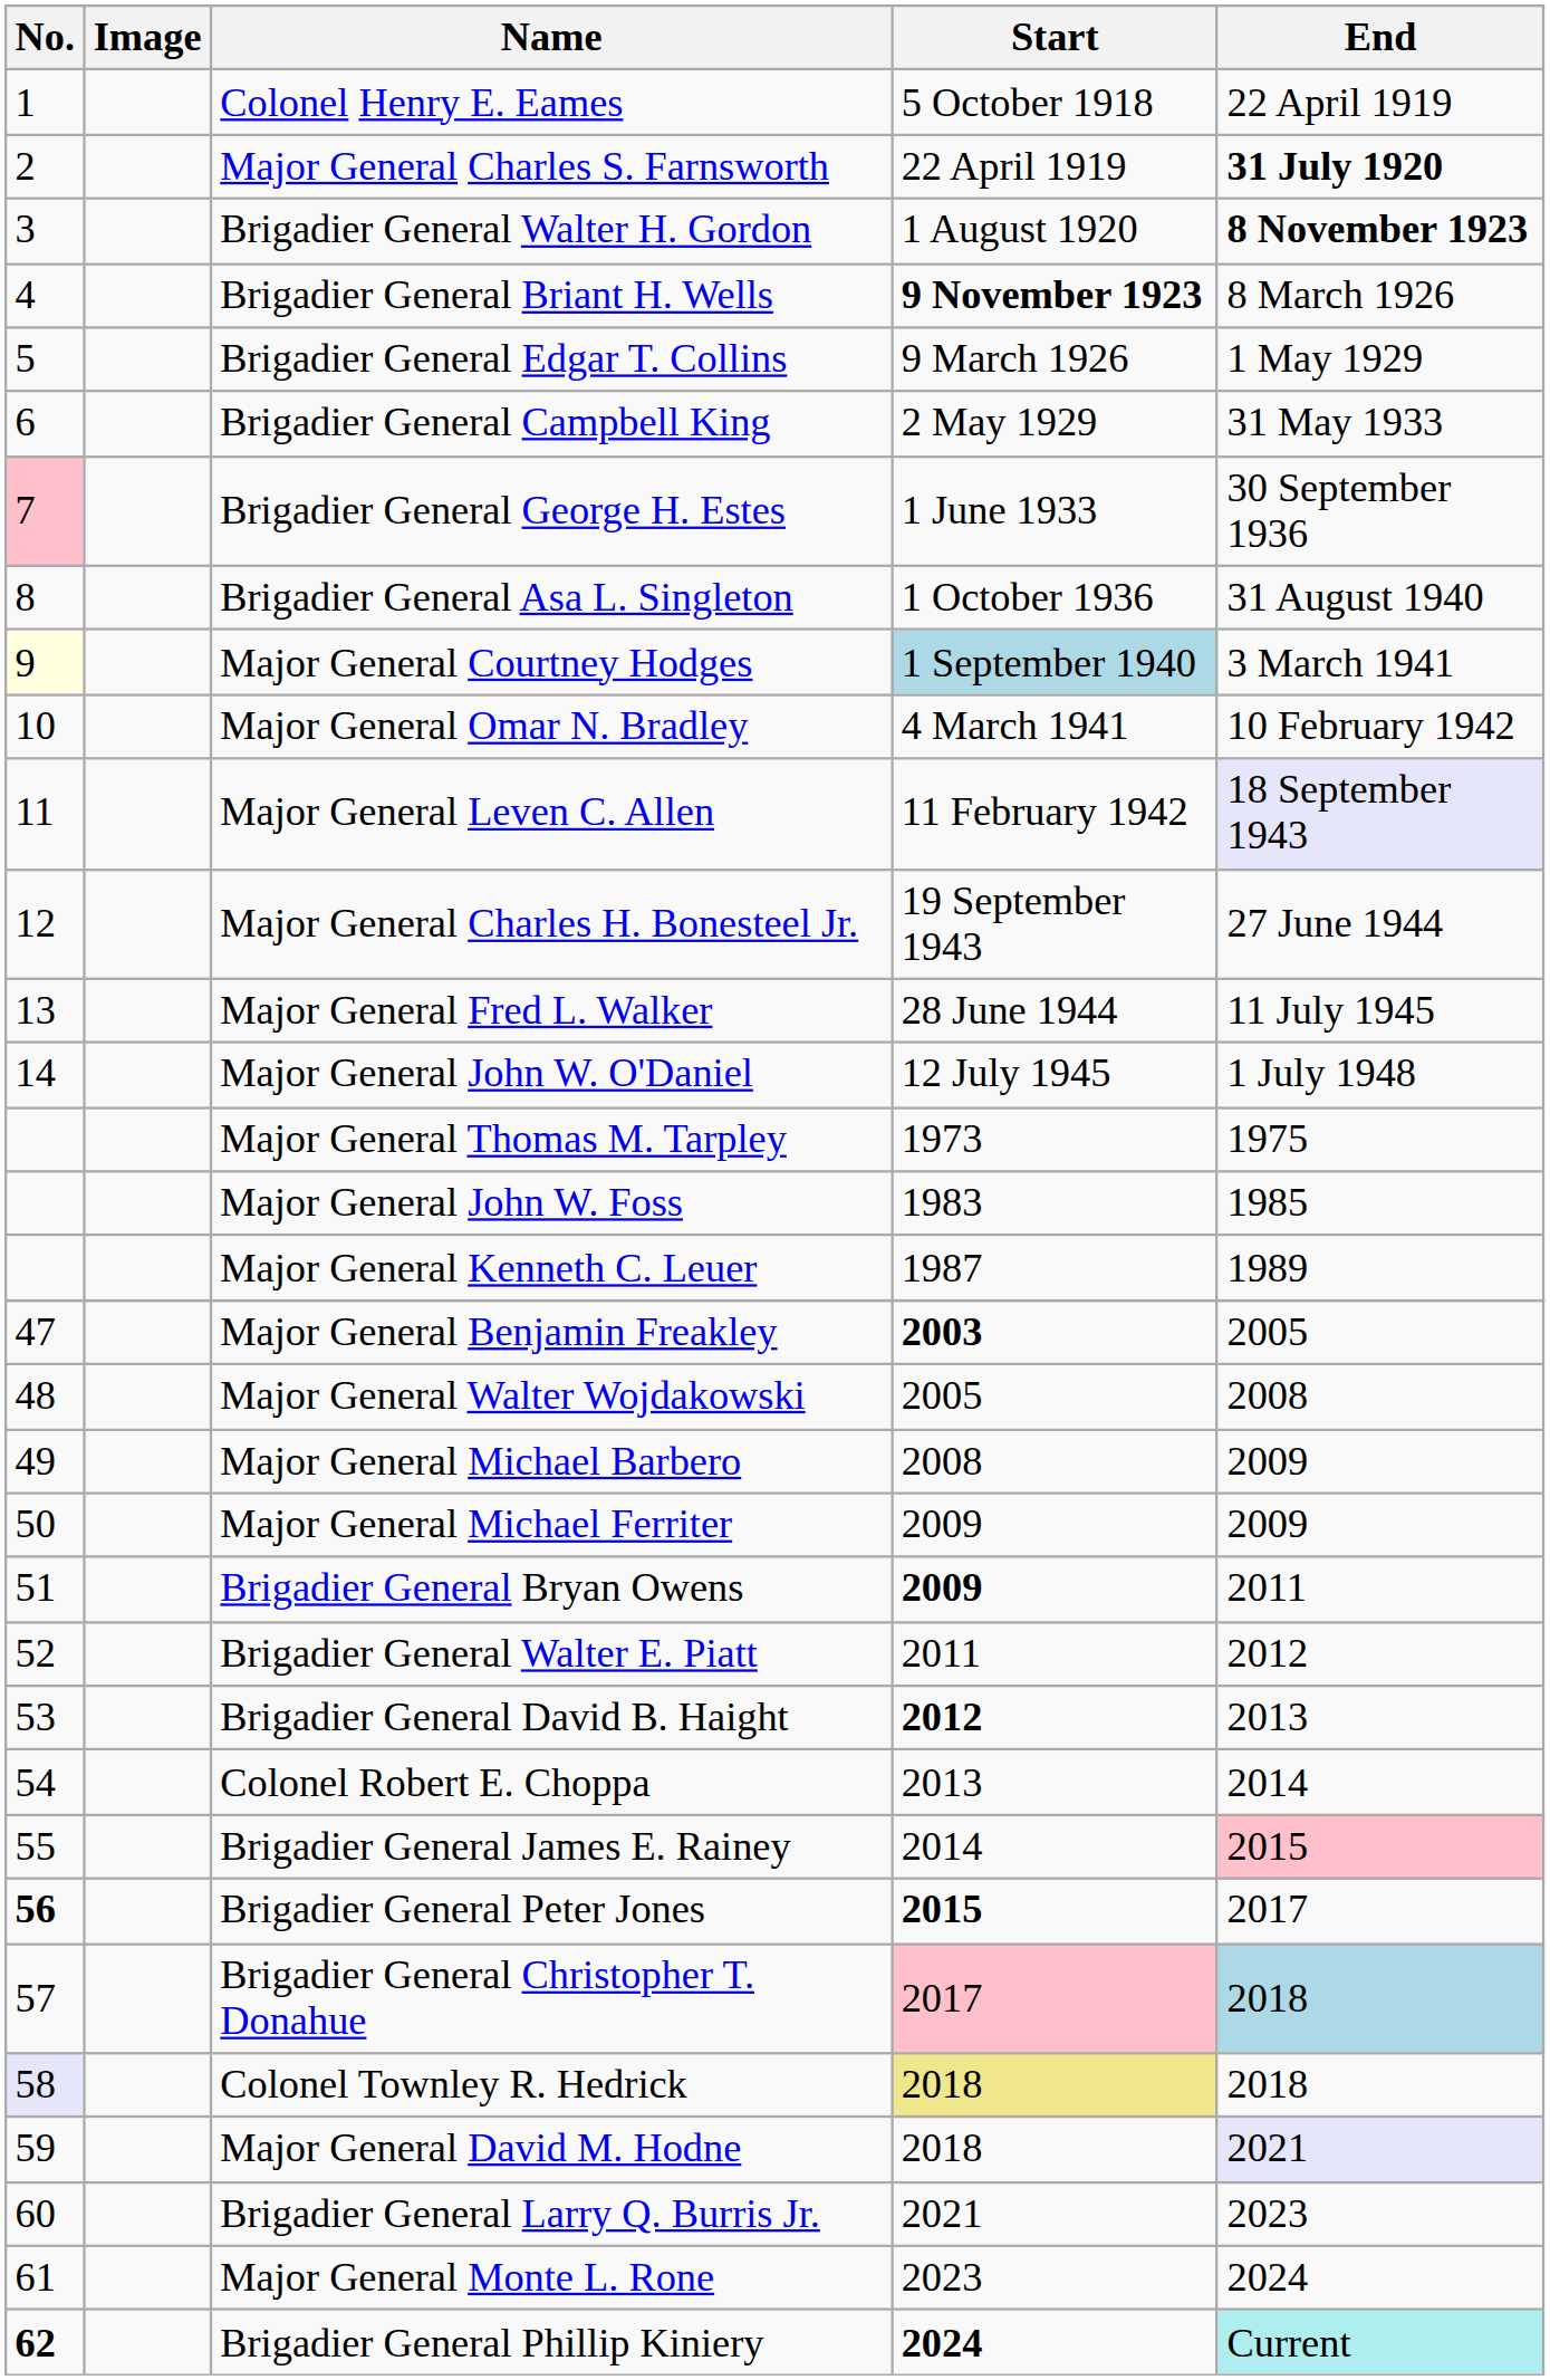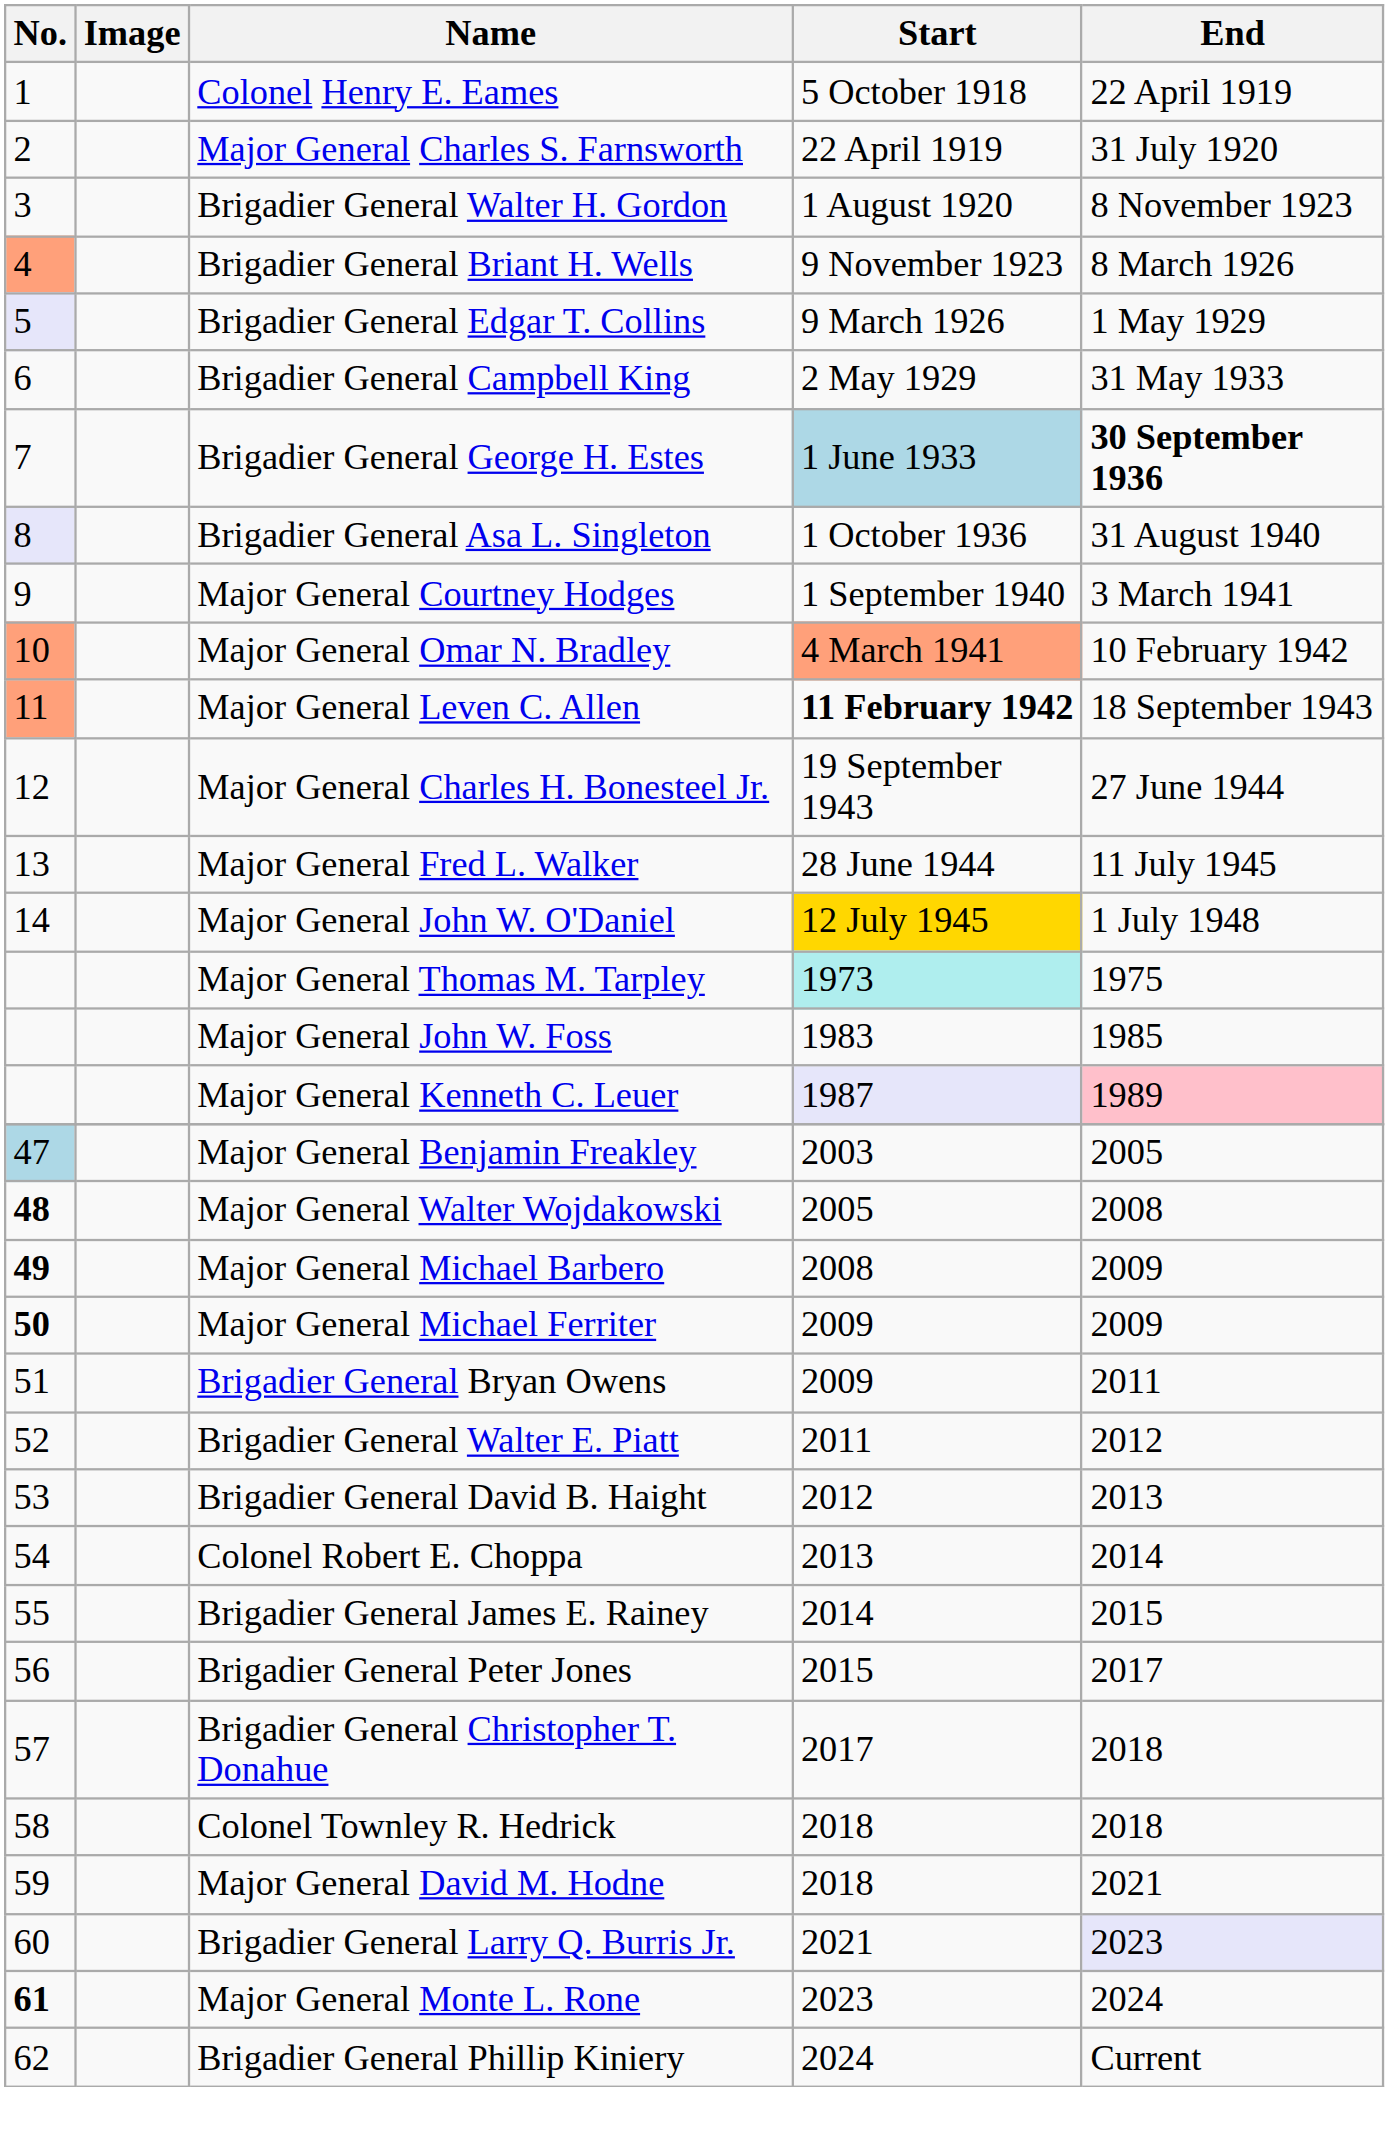 <table class="wikitable">
 <tr>
 <th>No.</th>
 <th>Image</th>
 <th>Name</th>
 <th>Start</th>
 <th>End</th>
 </tr>
 <tr>
 <td>1</td>
 <td></td>
 <td><a href='#'>Colonel</a> <a href='#'>Henry E. Eames</a></td>
 <td>5 October 1918</td>
 <td>22 April 1919</td>
 </tr>
 <tr>
 <td>2</td>
 <td></td>
 <td><a href='#'>Major General</a> <a href='#'>Charles S. Farnsworth</a></td>
 <td>22 April 1919</td>
-<td><strong>31 July 1920</strong></td>
+<td>31 July 1920</td>
 </tr>
 <tr>
 <td>3</td>
 <td></td>
 <td>Brigadier General <a href='#'>Walter H. Gordon</a></td>
 <td>1 August 1920</td>
-<td><strong>8 November 1923</strong></td>
+<td>8 November 1923</td>
 </tr>
 <tr>
-<td>4</td>
+<td style="background: lightsalmon;">4</td>
 <td></td>
 <td>Brigadier General <a href='#'>Briant H. Wells</a></td>
-<td><strong>9 November 1923</strong></td>
+<td>9 November 1923</td>
 <td>8 March 1926</td>
 </tr>
 <tr>
-<td>5</td>
+<td style="background: lavender;">5</td>
 <td></td>
 <td>Brigadier General <a href='#'>Edgar T. Collins</a></td>
 <td>9 March 1926</td>
 <td>1 May 1929</td>
 </tr>
 <tr>
 <td>6</td>
 <td></td>
 <td>Brigadier General <a href='#'>Campbell King</a></td>
 <td>2 May 1929</td>
 <td>31 May 1933</td>
 </tr>
 <tr>
-<td style="background: pink;">7</td>
+<td>7</td>
 <td></td>
 <td>Brigadier General <a href='#'>George H. Estes</a></td>
-<td>1 June 1933</td>
-<td>30 September 1936</td>
+<td style="background: lightblue;">1 June 1933</td>
+<td><strong>30 September 1936</strong></td>
 </tr>
 <tr>
-<td>8</td>
+<td style="background: lavender;">8</td>
 <td></td>
 <td>Brigadier General <a href='#'>Asa L. Singleton</a></td>
 <td>1 October 1936</td>
 <td>31 August 1940</td>
 </tr>
 <tr>
-<td style="background: lightyellow;">9</td>
+<td>9</td>
 <td></td>
 <td>Major General <a href='#'>Courtney Hodges</a></td>
-<td style="background: lightblue;">1 September 1940</td>
+<td>1 September 1940</td>
 <td>3 March 1941</td>
 </tr>
 <tr>
-<td>10</td>
+<td style="background: lightsalmon;">10</td>
 <td></td>
 <td>Major General <a href='#'>Omar N. Bradley</a></td>
-<td>4 March 1941</td>
+<td style="background: lightsalmon;">4 March 1941</td>
 <td>10 February 1942</td>
 </tr>
 <tr>
-<td>11</td>
+<td style="background: lightsalmon;">11</td>
 <td></td>
 <td>Major General <a href='#'>Leven C. Allen</a></td>
-<td>11 February 1942</td>
-<td style="background: lavender;">18 September 1943</td>
+<td><strong>11 February 1942</strong></td>
+<td>18 September 1943</td>
 </tr>
 <tr>
 <td>12</td>
 <td></td>
 <td>Major General <a href='#'>Charles H. Bonesteel Jr.</a></td>
 <td>19 September 1943</td>
 <td>27 June 1944</td>
 </tr>
 <tr>
 <td>13</td>
 <td></td>
 <td>Major General <a href='#'>Fred L. Walker</a></td>
 <td>28 June 1944</td>
 <td>11 July 1945</td>
 </tr>
 <tr>
 <td>14</td>
 <td></td>
 <td>Major General <a href='#'>John W. O'Daniel</a></td>
-<td>12 July 1945</td>
+<td style="background: gold;">12 July 1945</td>
 <td>1 July 1948</td>
 </tr>
 <tr>
 <td></td>
 <td></td>
 <td>Major General <a href='#'>Thomas M. Tarpley</a></td>
-<td>1973</td>
+<td style="background: paleturquoise;">1973</td>
 <td>1975</td>
 </tr>
 <tr>
 <td></td>
 <td></td>
 <td>Major General <a href='#'>John W. Foss</a></td>
 <td>1983</td>
 <td>1985</td>
 </tr>
 <tr>
 <td></td>
 <td></td>
 <td>Major General <a href='#'>Kenneth C. Leuer</a></td>
-<td>1987</td>
-<td>1989</td>
+<td style="background: lavender;">1987</td>
+<td style="background: pink;">1989</td>
 </tr>
 <tr>
 </tr>
 <tr>
-<td>47</td>
+<td style="background: lightblue;">47</td>
 <td></td>
 <td>Major General <a href='#'>Benjamin Freakley</a></td>
-<td><strong>2003</strong></td>
+<td>2003</td>
 <td>2005</td>
 </tr>
 <tr>
-<td>48</td>
+<td><strong>48</strong></td>
 <td></td>
 <td>Major General <a href='#'>Walter Wojdakowski</a></td>
 <td>2005</td>
 <td>2008</td>
 </tr>
 <tr>
-<td>49</td>
+<td><strong>49</strong></td>
 <td></td>
 <td>Major General <a href='#'>Michael Barbero</a></td>
 <td>2008</td>
 <td>2009</td>
 </tr>
 <tr>
-<td>50</td>
+<td><strong>50</strong></td>
 <td></td>
 <td>Major General <a href='#'>Michael Ferriter</a></td>
 <td>2009</td>
 <td>2009</td>
 </tr>
 <tr>
 <td>51</td>
 <td></td>
 <td><a href='#'>Brigadier General</a> Bryan Owens</td>
-<td><strong>2009</strong></td>
+<td>2009</td>
 <td>2011</td>
 </tr>
 <tr>
 <td>52</td>
 <td></td>
 <td>Brigadier General <a href='#'>Walter E. Piatt</a></td>
 <td>2011</td>
 <td>2012</td>
 </tr>
 <tr>
 <td>53</td>
 <td></td>
 <td>Brigadier General David B. Haight</td>
-<td><strong>2012</strong></td>
+<td>2012</td>
 <td>2013</td>
 </tr>
 <tr>
 <td>54</td>
 <td></td>
 <td>Colonel Robert E. Choppa</td>
 <td>2013</td>
 <td>2014</td>
 </tr>
 <tr>
 <td>55</td>
 <td></td>
 <td>Brigadier General James E. Rainey</td>
 <td>2014</td>
-<td style="background: pink;">2015</td>
+<td>2015</td>
 </tr>
 <tr>
-<td><strong>56</strong></td>
+<td>56</td>
 <td></td>
 <td>Brigadier General Peter Jones</td>
-<td><strong>2015</strong></td>
+<td>2015</td>
 <td>2017</td>
 </tr>
 <tr>
 <td>57</td>
 <td></td>
 <td>Brigadier General <a href='#'>Christopher T. Donahue</a></td>
-<td style="background: pink;">2017</td>
-<td style="background: lightblue;">2018</td>
+<td>2017</td>
+<td>2018</td>
 </tr>
 <tr>
-<td style="background: lavender;">58</td>
+<td>58</td>
 <td></td>
 <td>Colonel Townley R. Hedrick</td>
-<td style="background: khaki;">2018</td>
+<td>2018</td>
 <td>2018</td>
 </tr>
 <tr>
 <td>59</td>
 <td></td>
 <td>Major General <a href='#'>David M. Hodne</a></td>
 <td>2018</td>
-<td style="background: lavender;">2021</td>
+<td>2021</td>
 </tr>
 <tr>
 <td>60</td>
 <td></td>
 <td>Brigadier General <a href='#'>Larry Q. Burris Jr.</a></td>
 <td>2021</td>
-<td>2023</td>
+<td style="background: lavender;">2023</td>
 </tr>
 <tr>
-<td>61</td>
+<td><strong>61</strong></td>
 <td></td>
 <td>Major General <a href='#'>Monte L. Rone</a></td>
 <td>2023</td>
 <td>2024</td>
 </tr>
 <tr>
-<td><strong>62</strong></td>
+<td>62</td>
 <td></td>
 <td>Brigadier General Phillip Kiniery</td>
-<td><strong>2024</strong></td>
-<td style="background: paleturquoise;">Current</td>
+<td>2024</td>
+<td>Current</td>
 </tr>
 </table>
